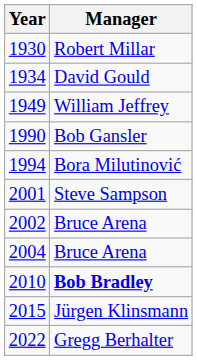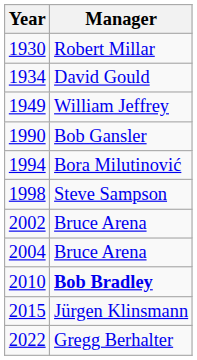 <table class="wikitable">
 <tr>
 <th>Year</th>
 <th>Manager</th>
 </tr>
 <tr>
 <td align=center><a href='#'>1930</a></td>
 <td>  <a href='#'>Robert Millar</a></td>
 </tr>
 <tr>
 <td align=center><a href='#'>1934</a></td>
 <td>  <a href='#'>David Gould</a></td>
 </tr>
 <tr>
 <td align=center><a href='#'>1949</a></td>
 <td>  <a href='#'>William Jeffrey</a></td>
 </tr>
 <tr>
 <td align=center><a href='#'>1990</a></td>
 <td> <a href='#'>Bob Gansler</a></td>
 </tr>
 <tr>
 <td align=center><a href='#'>1994</a></td>
 <td> <a href='#'>Bora Milutinović</a></td>
 </tr>
 <tr>
-<td align=center><a href='#'>2001</a></td>
+<td align=center><a href='#'>1998</a></td>
 <td> <a href='#'>Steve Sampson</a></td>
 </tr>
 <tr>
 <td align=center><a href='#'>2002</a></td>
 <td> <a href='#'>Bruce Arena</a></td>
 </tr>
 <tr>
 <td align=center><a href='#'>2004</a></td>
 <td> <a href='#'>Bruce Arena</a></td>
 </tr>
 <tr>
 <td align=center><a href='#'>2010</a></td>
 <td><strong> <a href='#'>Bob Bradley</a></strong></td>
 </tr>
 <tr>
 <td align=center><a href='#'>2015</a></td>
 <td> <a href='#'>Jürgen Klinsmann</a></td>
 </tr>
 <tr>
 <td align=center><a href='#'>2022</a></td>
 <td> <a href='#'>Gregg Berhalter</a></td>
 </tr>
 </table>
